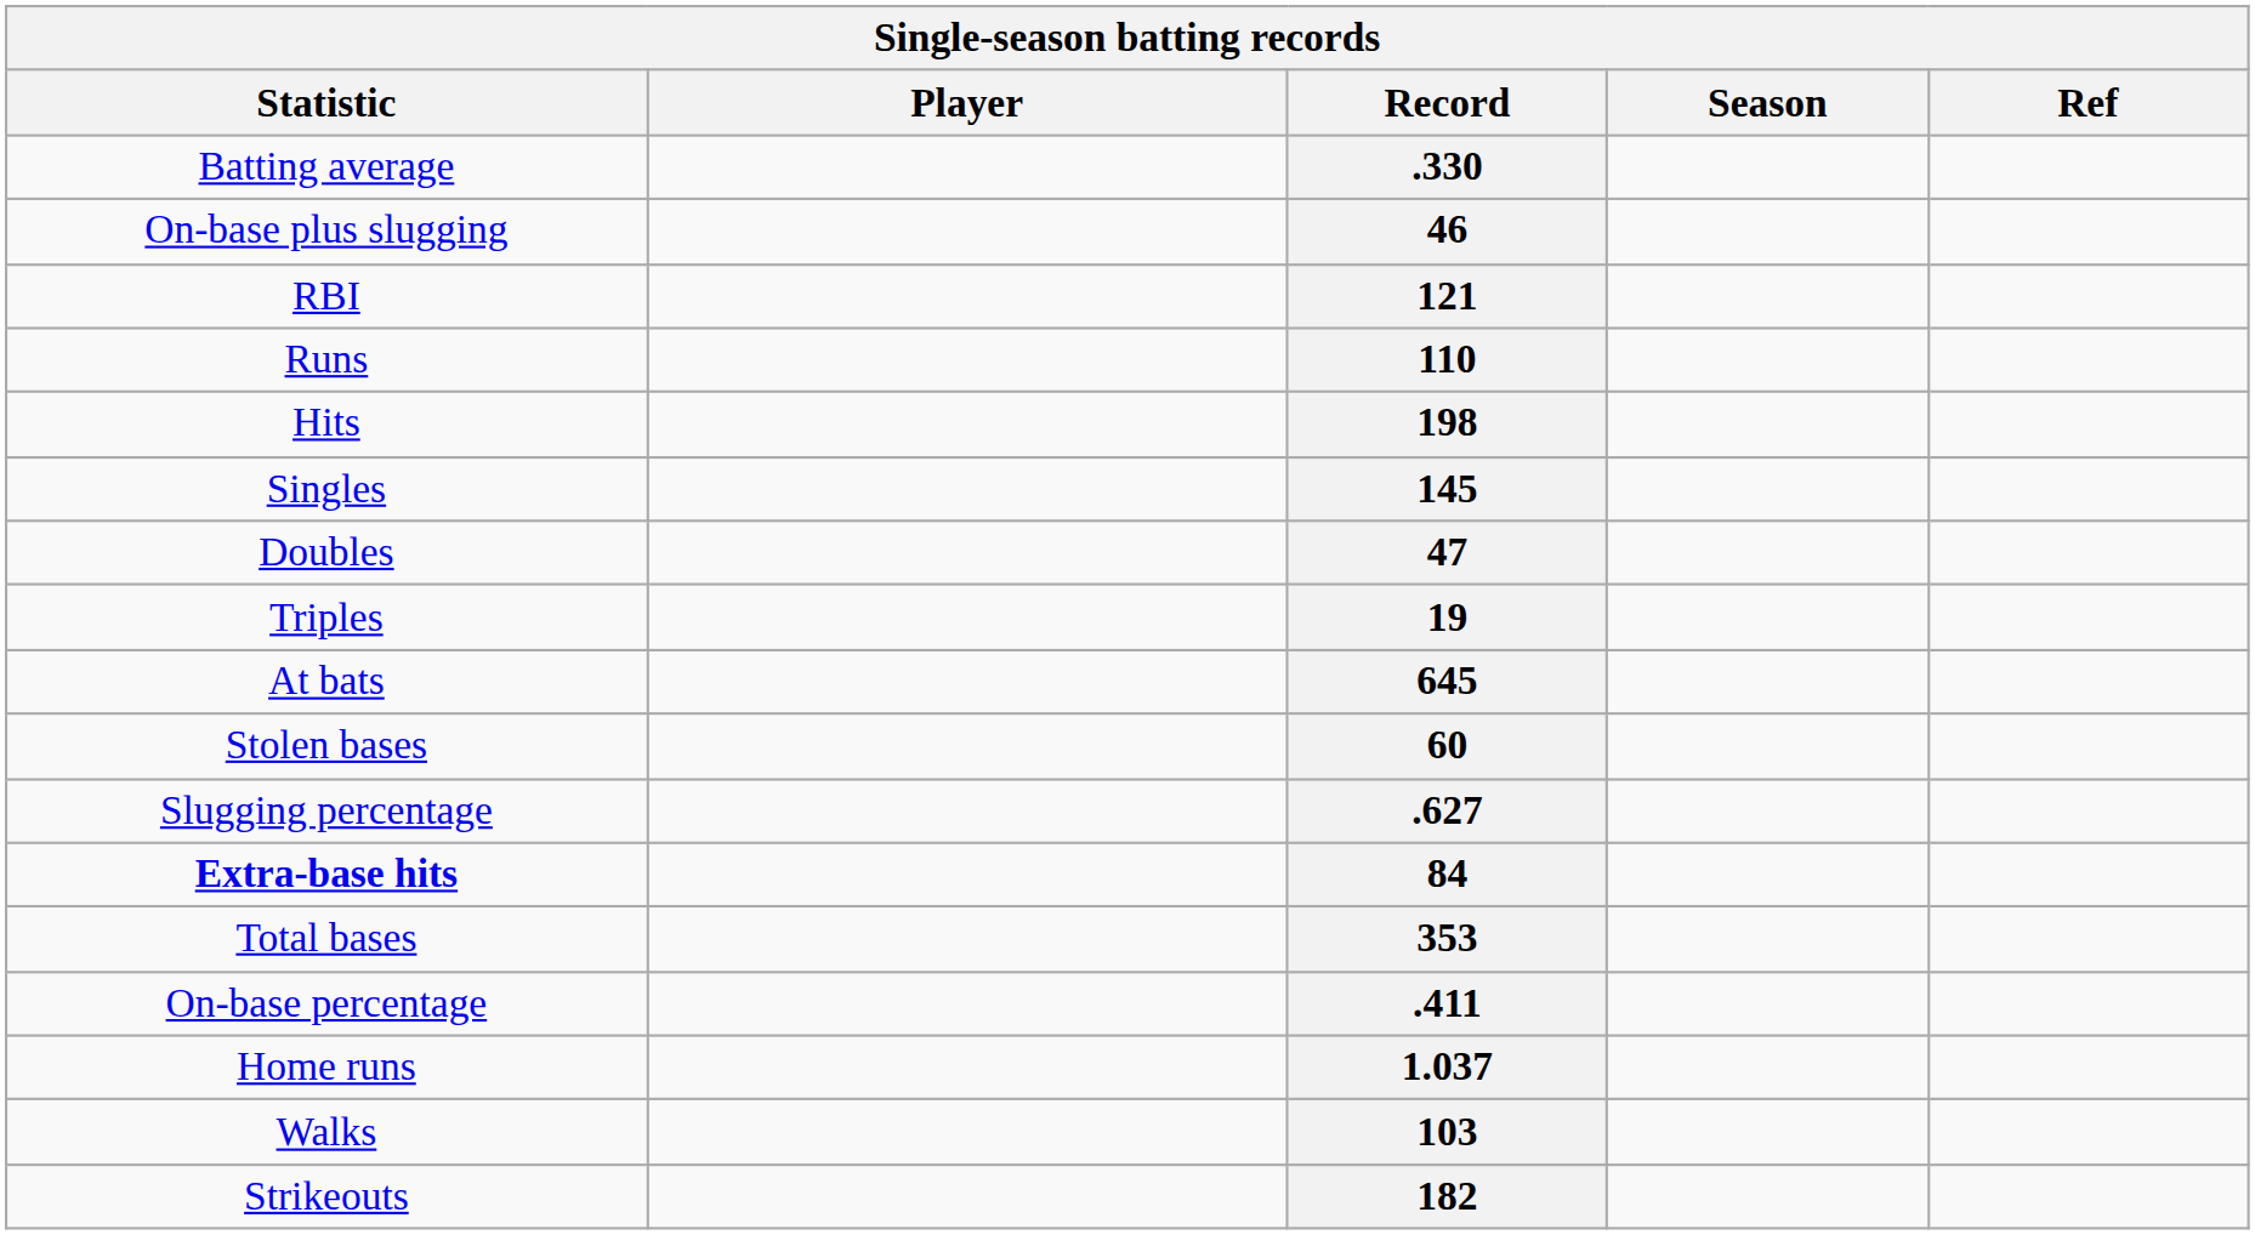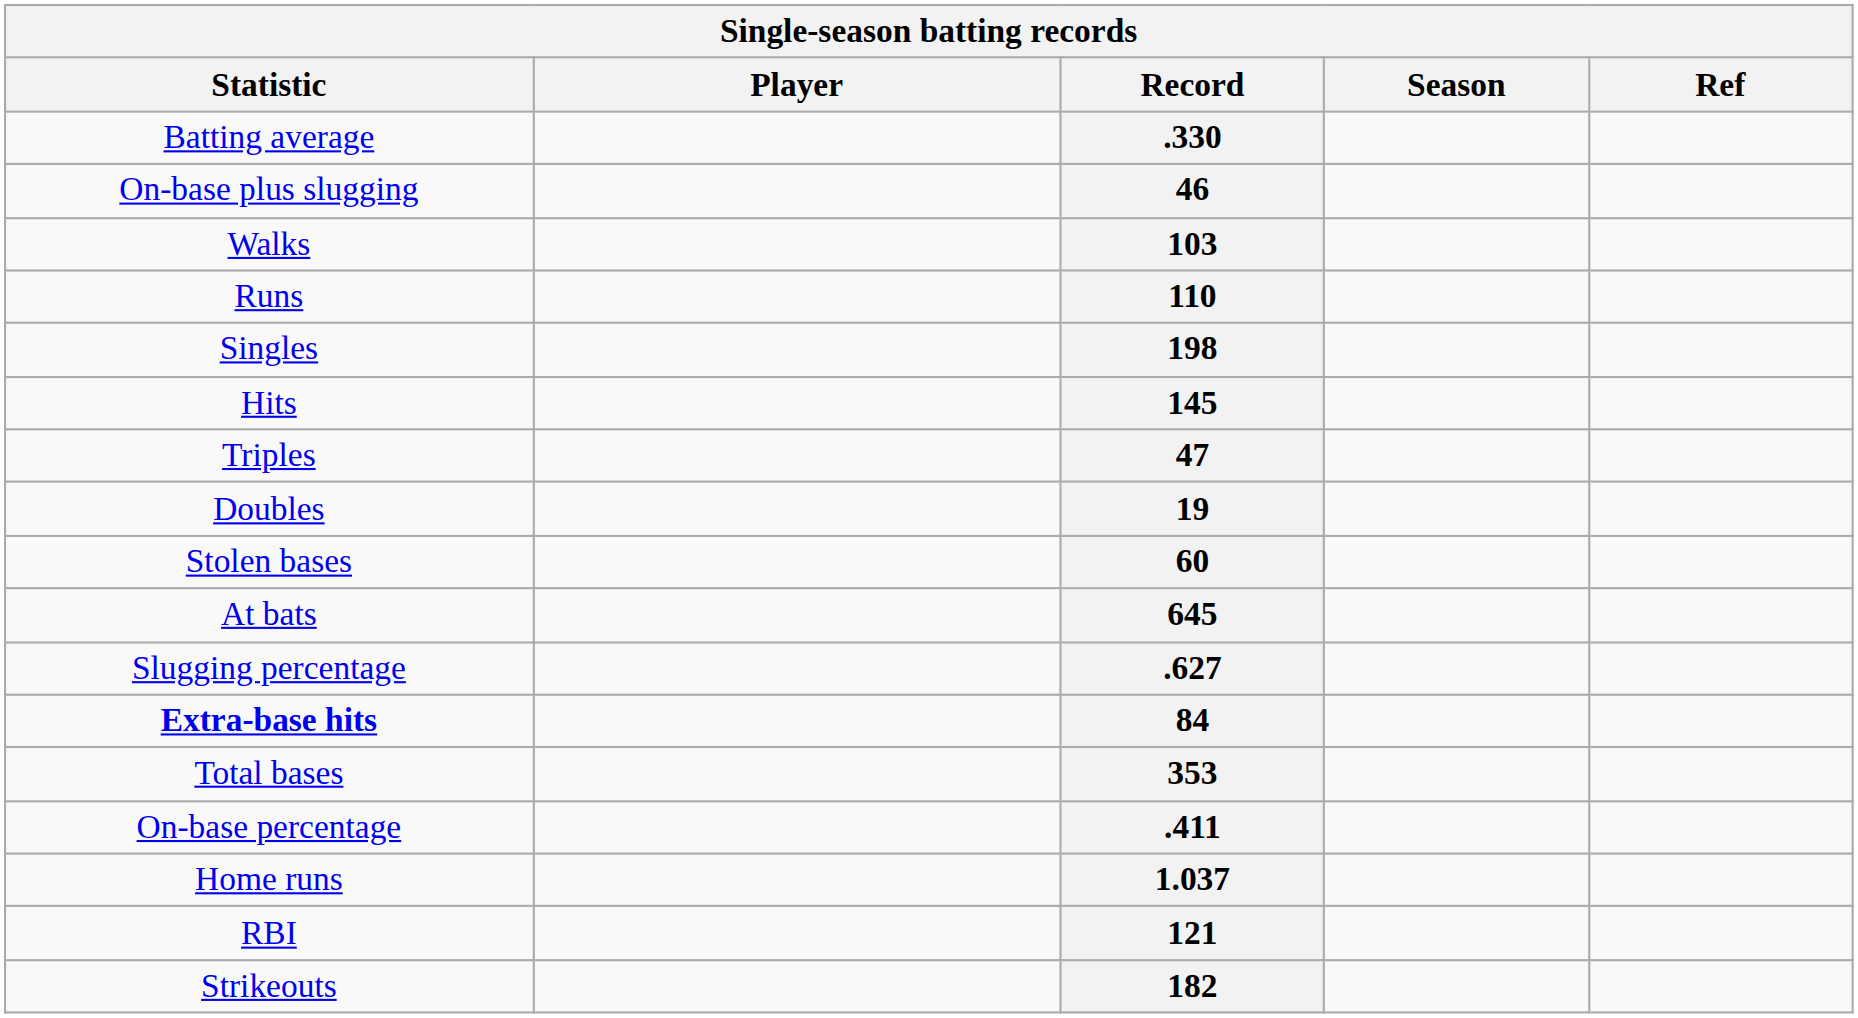 <table class="wikitable" style="text-align:center" width="70%">
 <tr>
 <th colspan=5>Single-season batting records</th>
 </tr>
 <tr>
 <th scope="col" width=20%>Statistic</th>
 <th scope="col" width=20%>Player</th>
 <th scope="col" width=10% class="unsortable">Record</th>
 <th scope="col" width=10%>Season</th>
 <th scope="col" width=10% class="unsortable">Ref</th>
 </tr>
 <tr>
 <td><a href='#'>Batting average</a></td>
 <td></td>
 <th scope="row">.330</th>
 <td></td>
 <td></td>
 </tr>
 <tr>
 <td><a href='#'>On-base plus slugging</a></td>
 <td></td>
 <th scope="row">46</th>
 <td></td>
 <td></td>
 </tr>
 <tr>
-<td><a href='#'>RBI</a></td>
+<td><a href='#'>Walks</a></td>
 <td></td>
-<th scope="row">121</th>
+<th scope="row">103</th>
 <td></td>
 <td></td>
 </tr>
 <tr>
 <td><a href='#'>Runs</a></td>
 <td></td>
 <th scope="row">110</th>
 <td></td>
 <td></td>
 </tr>
 <tr>
-<td><a href='#'>Hits</a></td>
+<td><a href='#'>Singles</a></td>
 <td></td>
 <th scope="row">198</th>
 <td></td>
 <td></td>
 </tr>
 <tr>
-<td><a href='#'>Singles</a></td>
+<td><a href='#'>Hits</a></td>
 <td></td>
 <th scope="row">145</th>
 <td></td>
 <td></td>
 </tr>
 <tr>
-<td><a href='#'>Doubles</a></td>
+<td><a href='#'>Triples</a></td>
 <td></td>
 <th scope="row">47</th>
 <td></td>
 <td></td>
 </tr>
 <tr>
-<td><a href='#'>Triples</a></td>
+<td><a href='#'>Doubles</a></td>
 <td></td>
 <th scope="row">19</th>
+<td></td>
+<td></td>
+</tr>
+<tr>
+<td><a href='#'>Stolen bases</a></td>
+<td></td>
+<th scope="row">60</th>
 <td></td>
 <td></td>
 </tr>
 <tr>
 <td><a href='#'>At bats</a></td>
 <td></td>
 <th scope="row">645</th>
-<td></td>
-<td></td>
-</tr>
-<tr>
-<td><a href='#'>Stolen bases</a></td>
-<td></td>
-<th scope="row">60</th>
 <td></td>
 <td></td>
 </tr>
 <tr>
 <td><a href='#'>Slugging percentage</a></td>
 <td></td>
 <th scope="row">.627</th>
 <td></td>
 <td></td>
 </tr>
 <tr>
 <td><strong><a href='#'>Extra-base hits</a></strong></td>
 <td></td>
 <th scope="row">84</th>
 <td></td>
 <td></td>
 </tr>
 <tr>
 <td><a href='#'>Total bases</a></td>
 <td></td>
 <th scope="row">353</th>
 <td></td>
 <td></td>
 </tr>
 <tr>
 <td><a href='#'>On-base percentage</a></td>
 <td></td>
 <th scope="row">.411</th>
 <td></td>
 <td></td>
 </tr>
 <tr>
 <td><a href='#'>Home runs</a></td>
 <td></td>
 <th scope="row">1.037</th>
 <td></td>
 <td></td>
 </tr>
 <tr>
-<td><a href='#'>Walks</a></td>
+<td><a href='#'>RBI</a></td>
 <td></td>
-<th scope="row">103</th>
+<th scope="row">121</th>
 <td></td>
 <td></td>
 </tr>
 <tr>
 <td><a href='#'>Strikeouts</a></td>
 <td></td>
 <th scope="row">182</th>
 <td></td>
 <td></td>
 </tr>
 </table>
